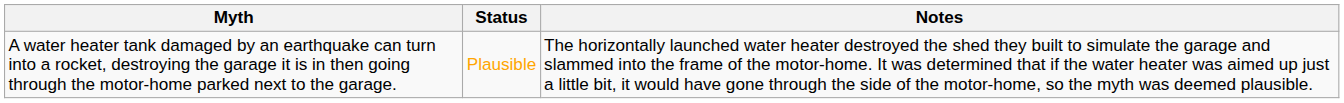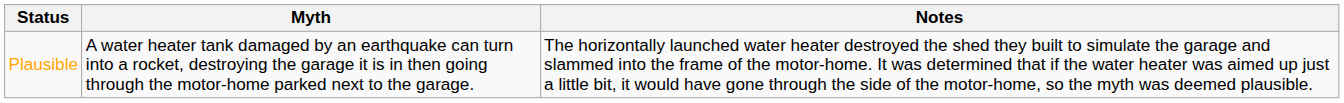 <table class="wikitable plainrowheaders">
 <tr>
+<th scope"col">Status</th>
 <th scope"col">Myth</th>
-<th scope"col">Status</th>
 <th scope"col">Notes</th>
 </tr>
 <tr>
+<td style="color:orange">Plausible</td>
 <td scope"row">A water heater tank damaged by an earthquake can turn into a rocket, destroying the garage it is in then going through the motor-home parked next to the garage.</td>
-<td style="color:orange">Plausible</td>
 <td>The horizontally launched water heater destroyed the shed they built to simulate the garage and slammed into the frame of the motor-home.  It was determined that if the water heater was aimed up just a little bit, it would have gone through the side of the motor-home, so the myth was deemed plausible.</td>
 </tr>
 </table>
